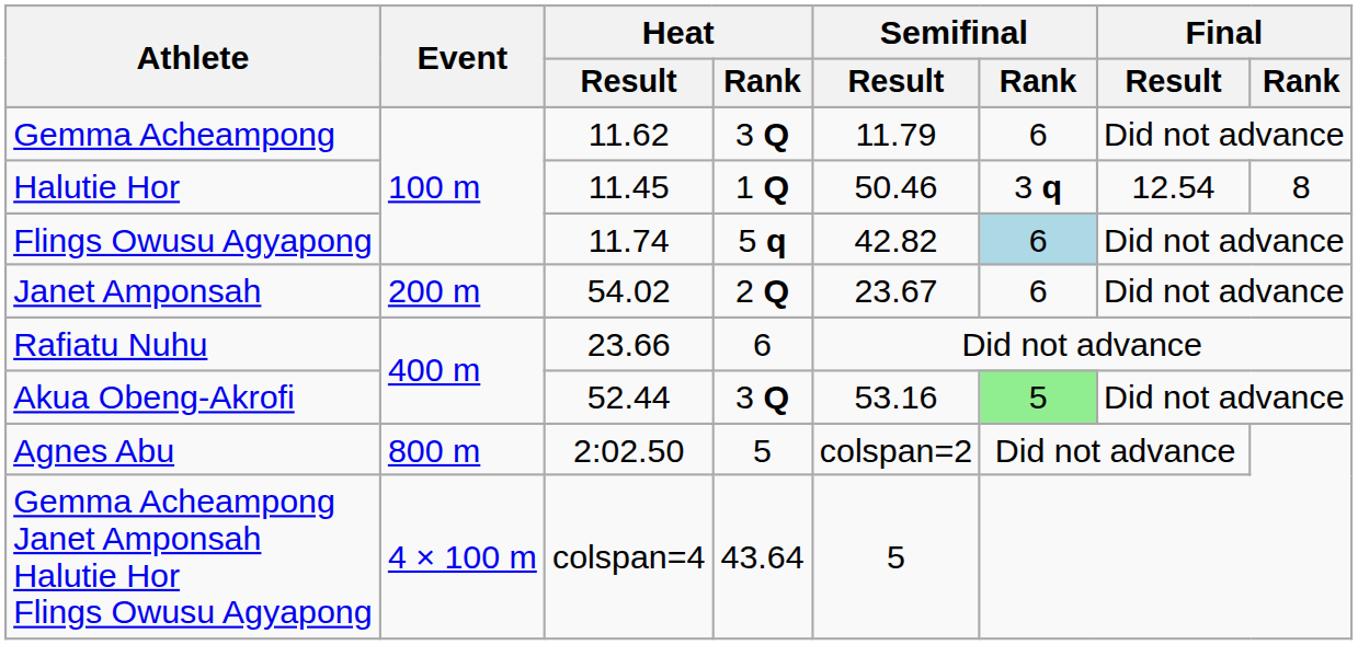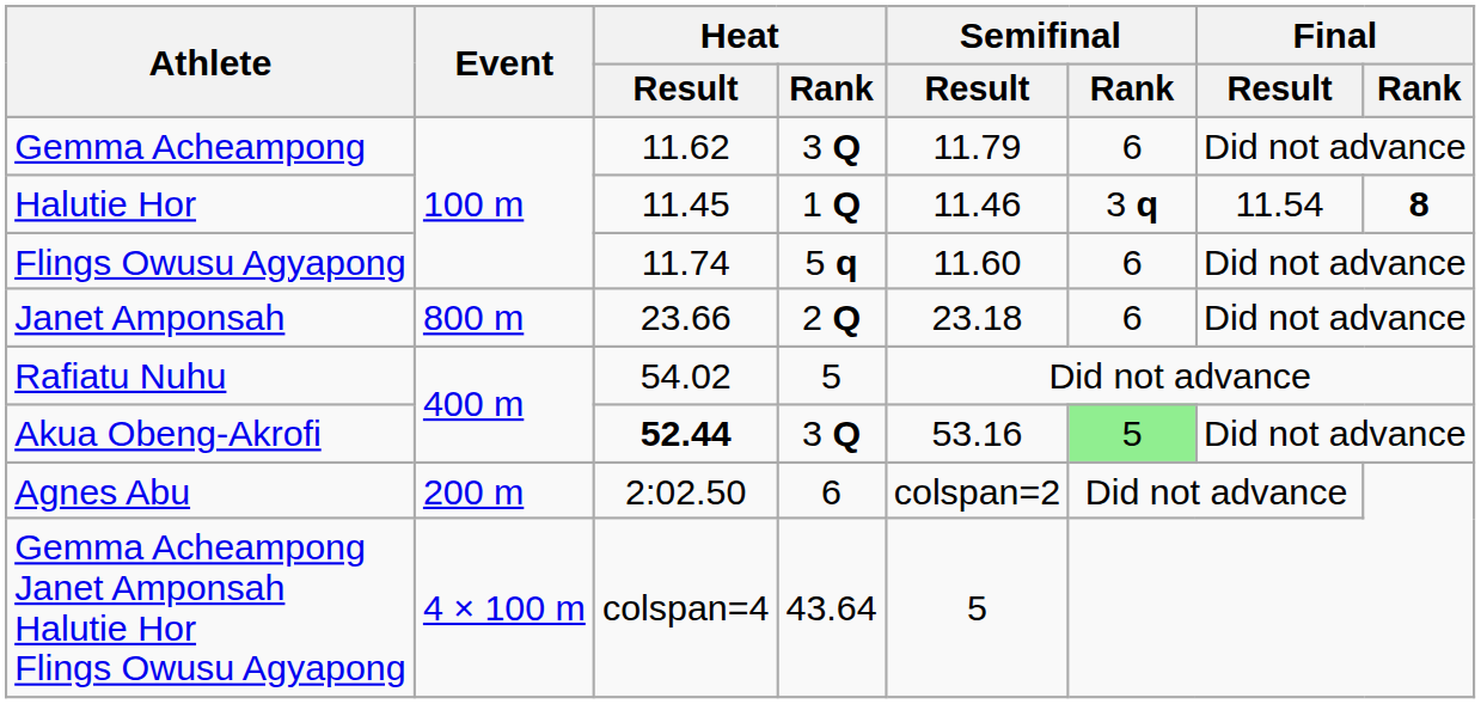 <table class="wikitable" style="font-size:90%">
 <tr>
 <th rowspan=2>Athlete</th>
 <th rowspan=2>Event</th>
 <th colspan=2>Heat</th>
 <th colspan=2>Semifinal</th>
 <th colspan=2>Final</th>
 </tr>
 <tr style="font-size:95%">
 <th>Result</th>
 <th>Rank</th>
 <th>Result</th>
 <th>Rank</th>
 <th>Result</th>
 <th>Rank</th>
 </tr>
 <tr align=center>
 <td align=left><a href='#'>Gemma Acheampong</a></td>
 <td align=left rowspan=3><a href='#'>100 m</a></td>
 <td>11.62</td>
 <td>3 <strong>Q</strong></td>
 <td>11.79</td>
 <td>6</td>
 <td colspan=2>Did not advance</td>
 </tr>
 <tr align=center>
 <td align=left><a href='#'>Halutie Hor</a></td>
 <td>11.45</td>
 <td>1 <strong>Q</strong></td>
-<td>50.46</td>
+<td>11.46</td>
 <td>3 <strong>q</strong></td>
-<td>12.54</td>
-<td>8</td>
+<td>11.54</td>
+<td><strong>8</strong></td>
 </tr>
 <tr align=center>
 <td align=left><a href='#'>Flings Owusu Agyapong</a></td>
 <td>11.74</td>
 <td>5 <strong>q</strong></td>
-<td>42.82</td>
-<td style="background: lightblue;">6</td>
+<td>11.60</td>
+<td>6</td>
 <td colspan=2>Did not advance</td>
 </tr>
 <tr align=center>
 <td align=left><a href='#'>Janet Amponsah</a></td>
-<td align=left><a href='#'>200 m</a></td>
-<td>54.02</td>
+<td align=left><a href='#'>800 m</a></td>
+<td>23.66</td>
 <td>2 <strong>Q</strong></td>
-<td>23.67</td>
+<td>23.18</td>
 <td>6</td>
 <td colspan=2>Did not advance</td>
 </tr>
 <tr align=center>
 <td align=left><a href='#'>Rafiatu Nuhu</a></td>
 <td align=left rowspan=2><a href='#'>400 m</a></td>
-<td>23.66</td>
-<td>6</td>
+<td>54.02</td>
+<td>5</td>
 <td colspan=4>Did not advance</td>
 </tr>
 <tr align=center>
 <td align=left><a href='#'>Akua Obeng-Akrofi</a></td>
-<td>52.44</td>
+<td><strong>52.44</strong></td>
 <td>3 <strong>Q</strong></td>
 <td>53.16</td>
 <td style="background: lightgreen;">5</td>
 <td colspan=2>Did not advance</td>
 </tr>
 <tr align=center>
 <td align=left><a href='#'>Agnes Abu</a></td>
-<td align=left><a href='#'>800 m</a></td>
+<td align=left><a href='#'>200 m</a></td>
 <td>2:02.50</td>
-<td>5</td>
+<td>6</td>
 <td>colspan=2</td>
 <td colspan=2>Did not advance</td>
 </tr>
 <tr align=center>
 <td align=left><a href='#'>Gemma Acheampong</a><br><a href='#'>Janet Amponsah</a><br><a href='#'>Halutie Hor</a><br><a href='#'>Flings Owusu Agyapong</a></td>
 <td align=left><a href='#'>4 × 100 m</a></td>
 <td>colspan=4</td>
 <td>43.64</td>
 <td>5</td>
 </tr>
 </table>
